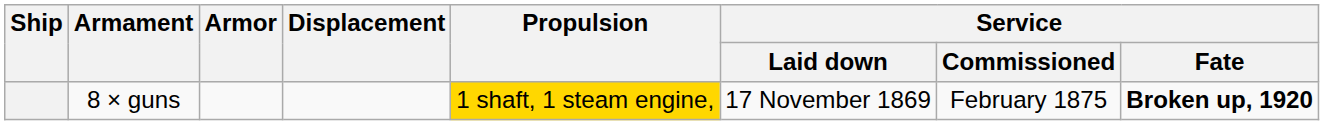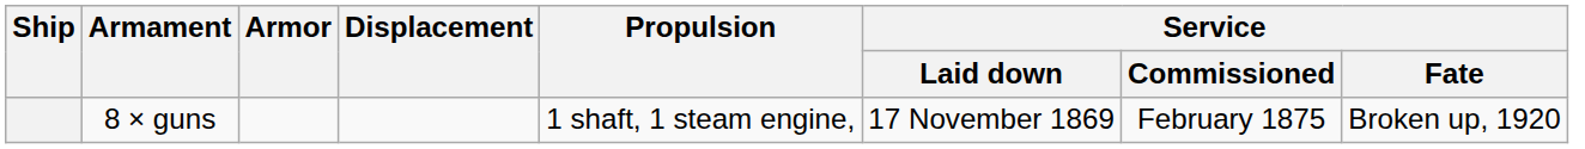 <table class="wikitable plainrowheaders" style="text-align: center;">
 <tr valign="top">
 <th scope="col" rowspan="2">Ship</th>
 <th scope="col" rowspan="2">Armament</th>
 <th scope="col" rowspan="2">Armor</th>
 <th scope="col" rowspan="2">Displacement</th>
 <th scope="col" rowspan="2">Propulsion</th>
 <th scope="col" colspan="3">Service</th>
 </tr>
 <tr valign="top">
 <th scope="col">Laid down</th>
 <th scope="col">Commissioned</th>
 <th scope="col">Fate</th>
 </tr>
 <tr valign="center">
 <th scope="row"></th>
 <td>8 ×  guns</td>
 <td></td>
 <td></td>
-<td style="background: gold;">1 shaft, 1 steam engine, </td>
+<td>1 shaft, 1 steam engine, </td>
 <td>17 November 1869</td>
 <td>February 1875</td>
-<td><strong>Broken up, 1920</strong></td>
+<td>Broken up, 1920</td>
 </tr>
 </table>
